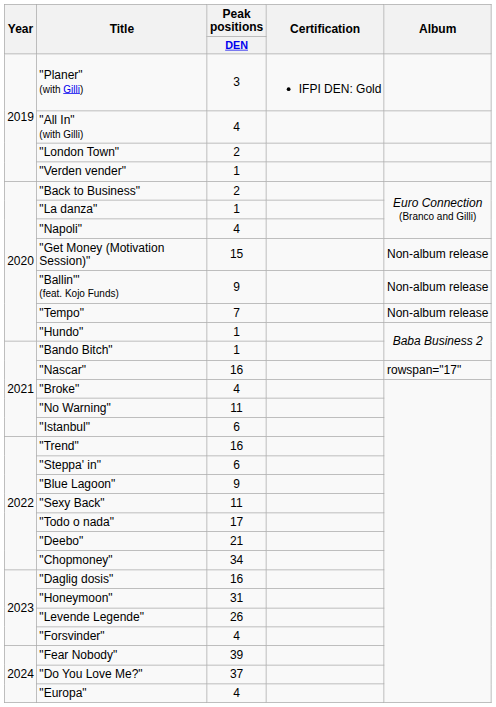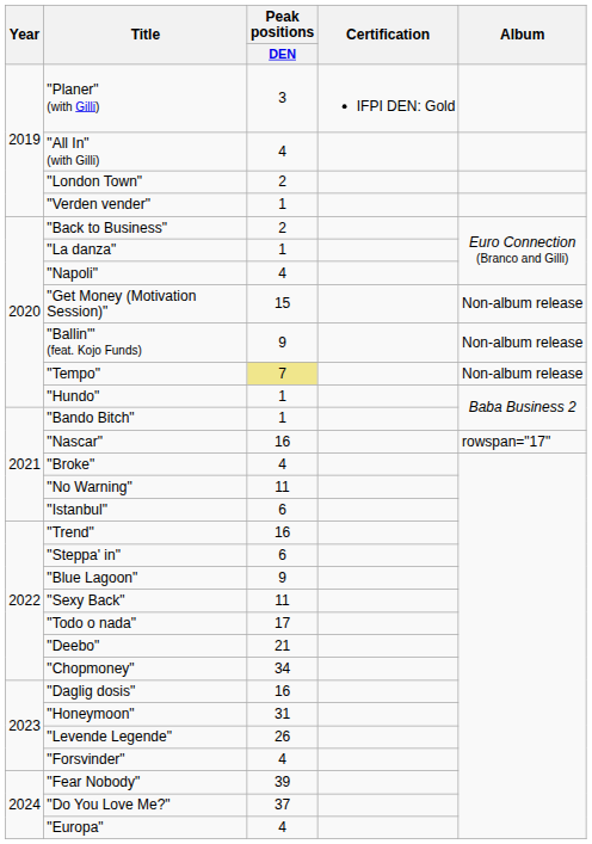 <table class="wikitable">
 <tr>
 <th align="center" rowspan="2" width="10">Year</th>
 <th align="center" rowspan="2" width="220">Title</th>
 <th align="center" colspan="1" width="20">Peak positions</th>
 <th align="center" rowspan="2">Certification</th>
 <th align="center" rowspan="2">Album</th>
 </tr>
 <tr>
 <th scope="col" style="width:3em;font-size:90%;"><a href='#'>DEN</a><br></th>
 </tr>
 <tr>
 <td style="text-align:center;" rowspan=4>2019</td>
 <td>"Planer"<br><small>(with <a href='#'>Gilli</a>)</small></td>
 <td style="text-align:center;">3</td>
 <td style="text-align:center;"><br><ul><li>IFPI DEN: Gold</li></ul></td>
 <td style="text-align:center;"></td>
 </tr>
 <tr>
 <td>"All In"<br><small>(with Gilli)</small></td>
 <td style="text-align:center;">4<br></td>
 <td style="text-align:center;"></td>
 <td style="text-align:center;"></td>
 </tr>
 <tr>
 <td>"London Town"<br></td>
 <td style="text-align:center;">2<br></td>
 <td style="text-align:center;"></td>
 <td style="text-align:center;"></td>
 </tr>
 <tr>
 <td>"Verden vender"<br></td>
 <td style="text-align:center;">1<br></td>
 <td style="text-align:center;"></td>
 <td style="text-align:center;"></td>
 </tr>
 <tr>
 <td style="text-align:center;" rowspan="7">2020</td>
 <td>"Back to Business"<br></td>
 <td style="text-align:center;">2<br></td>
 <td style="text-align:center;"></td>
 <td style="text-align:center;" rowspan=3><em>Euro Connection</em> <br><small>(Branco and Gilli)</small></td>
 </tr>
 <tr>
 <td>"La danza"<br></td>
 <td style="text-align:center;">1<br></td>
 <td style="text-align:center;"></td>
 </tr>
 <tr>
 <td>"Napoli"<br></td>
 <td style="text-align:center;">4<br></td>
 <td style="text-align:center;"></td>
 </tr>
 <tr>
 <td>"Get Money (Motivation Session)"</td>
 <td style="text-align:center;">15</td>
 <td style="text-align:center;"></td>
 <td style="text-align:center;">Non-album release</td>
 </tr>
 <tr>
 <td>"Ballin'"<br><small>(feat. Kojo Funds)</small></td>
 <td style="text-align:center;">9</td>
 <td style="text-align:center;"></td>
 <td style="text-align:center;">Non-album release</td>
 </tr>
 <tr>
 <td>"Tempo"</td>
-<td style="text-align:center;">7</td>
+<td style="background: khaki; text-align:center;">7</td>
 <td style="text-align:center;"></td>
 <td style="text-align:center;">Non-album release</td>
 </tr>
 <tr>
 <td>"Hundo"</td>
 <td style="text-align:center;">1</td>
 <td style="text-align:center;"></td>
 <td style="text-align:center;" rowspan="2"><em>Baba Business 2</em></td>
 </tr>
 <tr>
 <td style="text-align:center;" rowspan="5">2021</td>
 <td>"Bando Bitch"</td>
 <td style="text-align:center;">1</td>
 <td style="text-align:center;"></td>
 </tr>
 <tr>
 <td>"Nascar"<br></td>
 <td style="text-align:center;">16<br></td>
 <td></td>
 <td>rowspan="17" </td>
 </tr>
 <tr>
 <td>"Broke"</td>
 <td style="text-align:center;">4<br></td>
 <td></td>
 </tr>
 <tr>
 <td>"No Warning"<br></td>
 <td style="text-align:center;">11<br></td>
 <td></td>
 </tr>
 <tr>
 <td>"Istanbul"<br></td>
 <td style="text-align:center;">6<br></td>
 <td></td>
 </tr>
 <tr>
 <td style="text-align:center;" rowspan="7">2022</td>
 <td>"Trend"</td>
 <td style="text-align:center;">16<br></td>
 <td></td>
 </tr>
 <tr>
 <td>"Steppa' in"</td>
 <td style="text-align:center;">6<br></td>
 <td></td>
 </tr>
 <tr>
 <td>"Blue Lagoon"</td>
 <td style="text-align:center;">9<br></td>
 <td></td>
 </tr>
 <tr>
 <td>"Sexy Back"</td>
 <td style="text-align:center;">11<br></td>
 <td></td>
 </tr>
 <tr>
 <td>"Todo o nada"</td>
 <td style="text-align:center;">17<br></td>
 <td></td>
 </tr>
 <tr>
 <td>"Deebo"</td>
 <td style="text-align:center;">21<br></td>
 <td></td>
 </tr>
 <tr>
 <td>"Chopmoney"<br></td>
 <td style="text-align:center;">34<br></td>
 <td></td>
 </tr>
 <tr>
 <td rowspan="4">2023</td>
 <td>"Daglig dosis"</td>
 <td style="text-align:center;">16<br></td>
 <td></td>
 </tr>
 <tr>
 <td>"Honeymoon"<br></td>
 <td style="text-align:center;">31<br></td>
 <td></td>
 </tr>
 <tr>
 <td>"Levende Legende"<br></td>
 <td style="text-align:center;">26<br></td>
 <td></td>
 </tr>
 <tr>
 <td>"Forsvinder"<br></td>
 <td style="text-align:center;">4<br></td>
 <td></td>
 </tr>
 <tr>
 <td rowspan="3">2024</td>
 <td>"Fear Nobody"</td>
 <td style="text-align:center;">39<br></td>
 <td></td>
 </tr>
 <tr>
 <td>"Do You Love Me?"</td>
 <td style="text-align:center;">37<br></td>
 <td></td>
 </tr>
 <tr>
 <td>"Europa"<br></td>
 <td style="text-align:center;">4<br></td>
 <td></td>
 </tr>
 </table>
